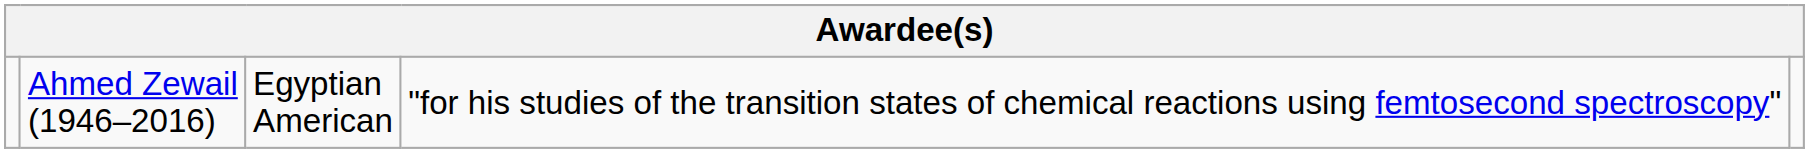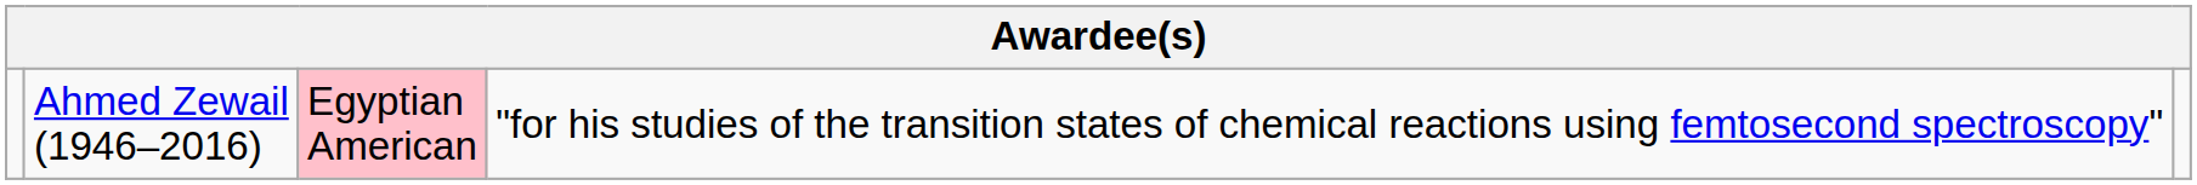 <table class="wikitable">
 <tr>
 <th colspan="5">Awardee(s)</th>
 </tr>
 <tr>
 <td></td>
 <td><a href='#'>Ahmed Zewail</a><br>(1946–2016)</td>
-<td> Egyptian<br> American</td>
+<td style="background: pink;"> Egyptian<br> American</td>
 <td>"for his studies of the transition states of chemical reactions using <a href='#'>femtosecond spectroscopy</a>"</td>
 <td></td>
 </tr>
 </table>
